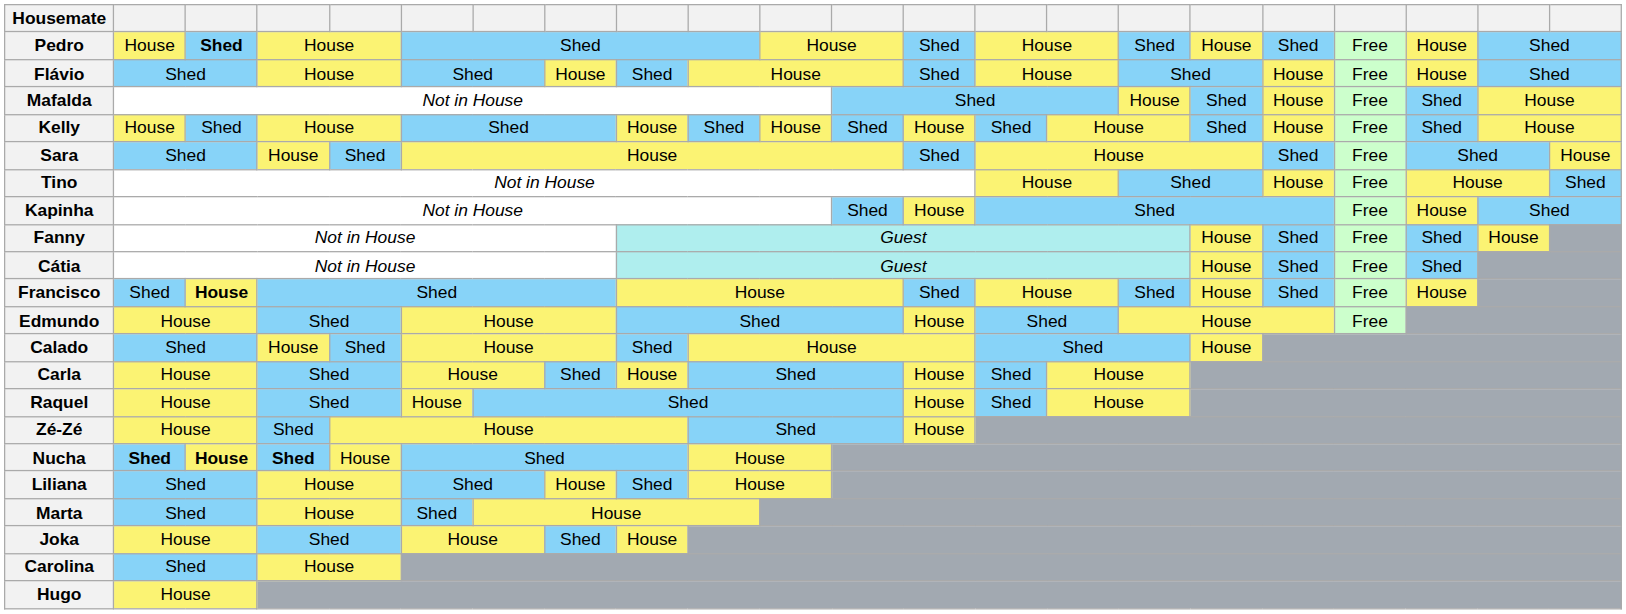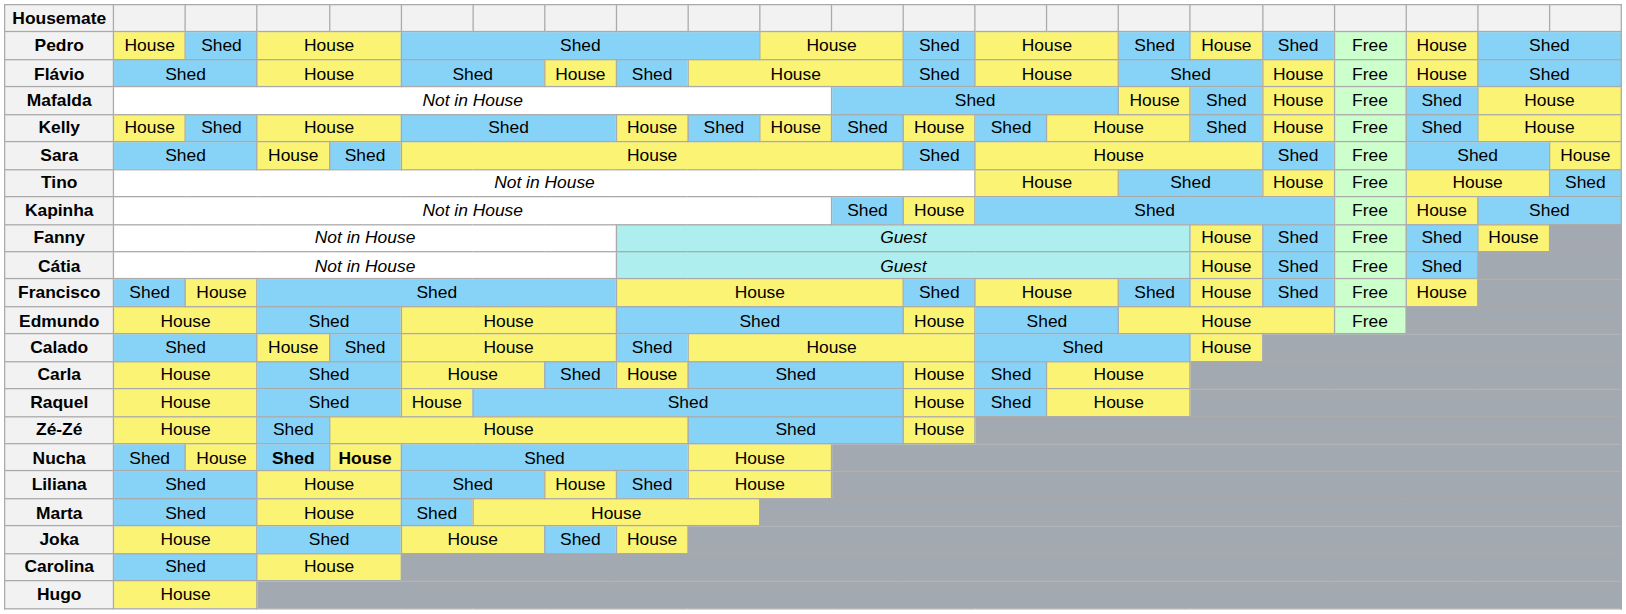 <table class="wikitable" style="text-align:center; font-size:85%; width: 100%;">
 <tr>
 <th style="width: 4%;">Housemate</th>
 <th style="width: 4%;"></th>
 <th style="width: 4%;"></th>
 <th style="width: 4%;"></th>
 <th style="width: 4%;"></th>
 <th style="width: 4%;"></th>
 <th style="width: 4%;"></th>
 <th style="width: 4%;"></th>
 <th style="width: 4%;"></th>
 <th style="width: 4%;"></th>
 <th style="width: 4%;"></th>
 <th style="width: 4%;"></th>
 <th style="width: 4%;"></th>
 <th style="width: 4%;"></th>
 <th style="width: 4%;"></th>
 <th style="width: 4%;"></th>
 <th style="width: 4%;"></th>
 <th style="width: 4%;"></th>
 <th style="width: 4%;"></th>
 <th style="width: 4%;"></th>
 <th style="width: 4%;"></th>
 <th style="width: 4%;"></th>
 </tr>
 <tr>
 <th>Pedro</th>
 <td style="background:#FBF373;">House</td>
-<td style="background:#87D3F8;"><strong>Shed</strong></td>
+<td style="background:#87D3F8;">Shed</td>
 <td colspan=2 style="background:#FBF373;">House</td>
 <td colspan=5 style="background:#87D3F8;">Shed</td>
 <td colspan=2 style="background:#FBF373;">House</td>
 <td style="background:#87D3F8;">Shed</td>
 <td colspan=2 style="background:#FBF373;">House</td>
 <td style="background:#87D3F8;">Shed</td>
 <td style="background:#FBF373;">House</td>
 <td style="background:#87D3F8;">Shed</td>
 <td style="background:#CFC;">Free</td>
 <td style="background:#FBF373;">House</td>
 <td colspan=2 style="background:#87D3F8;">Shed</td>
 </tr>
 <tr>
 <th>Flávio</th>
 <td colspan=2 style="background:#87D3F8;">Shed</td>
 <td colspan=2 style="background:#FBF373;">House</td>
 <td colspan=2 style="background:#87D3F8;">Shed</td>
 <td style="background:#FBF373;">House</td>
 <td style="background:#87D3F8;">Shed</td>
 <td colspan=3 style="background:#FBF373;">House</td>
 <td style="background:#87D3F8;">Shed</td>
 <td colspan=2 style="background:#FBF373;">House</td>
 <td colspan=2 style="background:#87D3F8;">Shed</td>
 <td style="background:#FBF373;">House</td>
 <td style="background:#CFC;">Free</td>
 <td style="background:#FBF373;">House</td>
 <td colspan=2 style="background:#87D3F8;">Shed</td>
 </tr>
 <tr>
 <th>Mafalda</th>
 <td colspan="10" style="background:white;"><em>Not in House</em></td>
 <td colspan=4 style="background:#87D3F8;">Shed</td>
 <td style="background:#FBF373;">House</td>
 <td style="background:#87D3F8;">Shed</td>
 <td style="background:#FBF373;">House</td>
 <td style="background:#CFC;">Free</td>
 <td style="background:#87D3F8;">Shed</td>
 <td colspan=2 style="background:#FBF373;">House</td>
 </tr>
 <tr>
 <th>Kelly</th>
 <td style="background:#FBF373;">House</td>
 <td style="background:#87D3F8;">Shed</td>
 <td colspan=2 style="background:#FBF373;">House</td>
 <td colspan=3 style="background:#87D3F8;">Shed</td>
 <td style="background:#FBF373;">House</td>
 <td style="background:#87D3F8;">Shed</td>
 <td style="background:#FBF373;">House</td>
 <td style="background:#87D3F8;">Shed</td>
 <td style="background:#FBF373;">House</td>
 <td style="background:#87D3F8;">Shed</td>
 <td colspan=2 style="background:#FBF373;">House</td>
 <td style="background:#87D3F8;">Shed</td>
 <td style="background:#FBF373;">House</td>
 <td style="background:#CFC;">Free</td>
 <td style="background:#87D3F8;">Shed</td>
 <td colspan=2 style="background:#FBF373;">House</td>
 </tr>
 <tr>
 <th>Sara</th>
 <td colspan=2 style="background:#87D3F8;">Shed</td>
 <td style="background:#FBF373;">House</td>
 <td style="background:#87D3F8;">Shed</td>
 <td colspan=7 style="background:#FBF373;">House</td>
 <td style="background:#87D3F8;">Shed</td>
 <td colspan=4 style="background:#FBF373;">House</td>
 <td style="background:#87D3F8;">Shed</td>
 <td style="background:#CFC;">Free</td>
 <td colspan=2 style="background:#87D3F8;">Shed</td>
 <td style="background:#FBF373;">House</td>
 </tr>
 <tr>
 <th>Tino</th>
 <td colspan="12" style="background:white;"><em>Not in House</em></td>
 <td colspan=2 style="background:#FBF373;">House</td>
 <td colspan=2 style="background:#87D3F8;">Shed</td>
 <td style="background:#FBF373;">House</td>
 <td style="background:#CFC;">Free</td>
 <td colspan=2 style="background:#FBF373;">House</td>
 <td style="background:#87D3F8;">Shed</td>
 </tr>
 <tr>
 <th>Kapinha</th>
 <td colspan="10" style="background:white;"><em>Not in House</em></td>
 <td style="background:#87D3F8;">Shed</td>
 <td style="background:#FBF373;">House</td>
 <td colspan=5 style="background:#87D3F8;">Shed</td>
 <td style="background:#CFC;">Free</td>
 <td style="background:#FBF373;">House</td>
 <td colspan=2 style="background:#87D3F8;">Shed</td>
 </tr>
 <tr>
 <th>Fanny</th>
 <td colspan="7" style="background:white;"><em>Not in House</em></td>
 <td colspan="8" style="background:#AFEEEE;"><em>Guest</em></td>
 <td style="background:#FBF373;">House</td>
 <td style="background:#87D3F8;">Shed</td>
 <td style="background:#CFC;">Free</td>
 <td style="background:#87D3F8;">Shed</td>
 <td style="background:#FBF373;">House</td>
 <td style="background:#A2A9B1;"></td>
 </tr>
 <tr>
 <th>Cátia</th>
 <td colspan="7" style="background:white;"><em>Not in House</em></td>
 <td colspan="8" style="background:#AFEEEE;"><em>Guest</em></td>
 <td style="background:#FBF373;">House</td>
 <td style="background:#87D3F8;">Shed</td>
 <td style="background:#CFC;">Free</td>
 <td style="background:#87D3F8;">Shed</td>
 <td colspan="2" style="background:#A2A9B1;"></td>
 </tr>
 <tr>
 <th>Francisco</th>
 <td style="background:#87D3F8;">Shed</td>
-<td style="background:#FBF373;"><strong>House</strong></td>
+<td style="background:#FBF373;">House</td>
 <td colspan=5 style="background:#87D3F8;">Shed</td>
 <td colspan=4 style="background:#FBF373;">House</td>
 <td style="background:#87D3F8;">Shed</td>
 <td colspan=2 style="background:#FBF373;">House</td>
 <td style="background:#87D3F8;">Shed</td>
 <td style="background:#FBF373;">House</td>
 <td style="background:#87D3F8;">Shed</td>
 <td style="background:#CFC;">Free</td>
 <td style="background:#FBF373;">House</td>
 <td colspan="2" style="background:#A2A9B1;"></td>
 </tr>
 <tr>
 <th>Edmundo</th>
 <td colspan=2 style="background:#FBF373;">House</td>
 <td colspan=2 style="background:#87D3F8;">Shed</td>
 <td colspan=3 style="background:#FBF373;">House</td>
 <td colspan=4 style="background:#87D3F8;">Shed</td>
 <td style="background:#FBF373;">House</td>
 <td colspan=2 style="background:#87D3F8;">Shed</td>
 <td colspan=3 style="background:#FBF373;">House</td>
 <td style="background:#CFC;">Free</td>
 <td colspan="3" style="background:#A2A9B1;"></td>
 </tr>
 <tr>
 <th>Calado</th>
 <td colspan=2 style="background:#87D3F8;">Shed</td>
 <td style="background:#FBF373;">House</td>
 <td style="background:#87D3F8;">Shed</td>
 <td colspan=3 style="background:#FBF373;">House</td>
 <td style="background:#87D3F8;">Shed</td>
 <td colspan=4 style="background:#FBF373;">House</td>
 <td colspan=3 style="background:#87D3F8;">Shed</td>
 <td style="background:#FBF373;">House</td>
 <td colspan="5" style="background:#A2A9B1;"></td>
 </tr>
 <tr>
 <th>Carla</th>
 <td colspan=2 style="background:#FBF373;">House</td>
 <td colspan=2 style="background:#87D3F8;">Shed</td>
 <td colspan=2 style="background:#FBF373;">House</td>
 <td style="background:#87D3F8;">Shed</td>
 <td style="background:#FBF373;">House</td>
 <td colspan=3 style="background:#87D3F8;">Shed</td>
 <td style="background:#FBF373;">House</td>
 <td style="background:#87D3F8;">Shed</td>
 <td colspan=2 style="background:#FBF373;">House</td>
 <td colspan="6" style="background:#A2A9B1;"></td>
 </tr>
 <tr>
 <th>Raquel</th>
 <td colspan=2 style="background:#FBF373;">House</td>
 <td colspan=2 style="background:#87D3F8;">Shed</td>
 <td style="background:#FBF373;">House</td>
 <td colspan=6 style="background:#87D3F8;">Shed</td>
 <td style="background:#FBF373;">House</td>
 <td style="background:#87D3F8;">Shed</td>
 <td colspan=2 style="background:#FBF373;">House</td>
 <td colspan="6" style="background:#A2A9B1;"></td>
 </tr>
 <tr>
 <th>Zé-Zé</th>
 <td colspan=2 style="background:#FBF373;">House</td>
 <td style="background:#87D3F8;">Shed</td>
 <td colspan=5 style="background:#FBF373;">House</td>
 <td colspan=3 style="background:#87D3F8;">Shed</td>
 <td style="background:#FBF373;">House</td>
 <td colspan="9" style="background:#A2A9B1;"></td>
 </tr>
 <tr>
 <th>Nucha</th>
+<td style="background:#87D3F8;">Shed</td>
+<td style="background:#FBF373;">House</td>
 <td style="background:#87D3F8;"><strong>Shed</strong></td>
 <td style="background:#FBF373;"><strong>House</strong></td>
-<td style="background:#87D3F8;"><strong>Shed</strong></td>
-<td style="background:#FBF373;">House</td>
 <td colspan=4 style="background:#87D3F8;">Shed</td>
 <td colspan=2 style="background:#FBF373;">House</td>
 <td colspan="11" style="background:#A2A9B1;"></td>
 </tr>
 <tr>
 <th>Liliana</th>
 <td colspan=2 style="background:#87D3F8;">Shed</td>
 <td colspan=2 style="background:#FBF373;">House</td>
 <td colspan=2 style="background:#87D3F8;">Shed</td>
 <td style="background:#FBF373;">House</td>
 <td style="background:#87D3F8;">Shed</td>
 <td colspan=2 style="background:#FBF373;">House</td>
 <td colspan="11" style="background:#A2A9B1;"></td>
 </tr>
 <tr>
 <th>Marta</th>
 <td colspan=2 style="background:#87D3F8;">Shed</td>
 <td colspan=2 style="background:#FBF373;">House</td>
 <td style="background:#87D3F8;">Shed</td>
 <td colspan=4 style="background:#FBF373;">House</td>
 <td colspan="12" style="background:#A2A9B1;"></td>
 </tr>
 <tr>
 <th>Joka</th>
 <td colspan=2 style="background:#FBF373;">House</td>
 <td colspan=2 style="background:#87D3F8;">Shed</td>
 <td colspan=2 style="background:#FBF373;">House</td>
 <td style="background:#87D3F8;">Shed</td>
 <td style="background:#FBF373;">House</td>
 <td colspan="13" style="background:#A2A9B1;"></td>
 </tr>
 <tr>
 <th>Carolina</th>
 <td colspan=2 style="background:#87D3F8;">Shed</td>
 <td colspan=2 style="background:#FBF373;">House</td>
 <td colspan="17" style="background:#A2A9B1;"></td>
 </tr>
 <tr>
 <th>Hugo</th>
 <td colspan=2 style="background:#FBF373;">House</td>
 <td colspan="19" style="background:#A2A9B1;"></td>
 </tr>
 </table>
